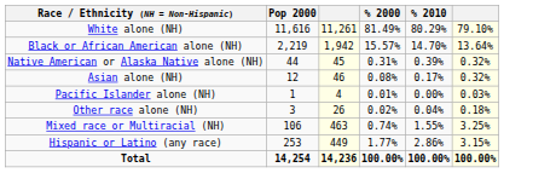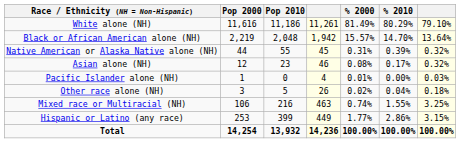 <table class="wikitable" style="text-align:center;">
 <tr>
 <th>Race / Ethnicity <small>(<em>NH = Non-Hispanic</em>)</small></th>
 <th>Pop 2000</th>
+<th>Pop 2010</th>
 <th></th>
 <th>% 2000</th>
 <th>% 2010</th>
 <th></th>
 </tr>
 <tr>
 <td><a href='#'>White</a> alone (NH)</td>
 <td>11,616</td>
+<td>11,186</td>
 <td style='background: #ffffe6;'>11,261</td>
 <td>81.49%</td>
 <td>80.29%</td>
 <td style='background: #ffffe6;'>79.10%</td>
 </tr>
 <tr>
 <td><a href='#'>Black or African American</a> alone (NH)</td>
 <td>2,219</td>
+<td>2,048</td>
 <td style='background: #ffffe6;'>1,942</td>
 <td>15.57%</td>
 <td>14.70%</td>
 <td style='background: #ffffe6;'>13.64%</td>
 </tr>
 <tr>
 <td><a href='#'>Native American</a> or <a href='#'>Alaska Native</a> alone (NH)</td>
 <td>44</td>
+<td>55</td>
 <td style='background: #ffffe6;'>45</td>
 <td>0.31%</td>
 <td>0.39%</td>
 <td style='background: #ffffe6;'>0.32%</td>
 </tr>
 <tr>
 <td><a href='#'>Asian</a> alone (NH)</td>
 <td>12</td>
+<td>23</td>
 <td style='background: #ffffe6;'>46</td>
 <td>0.08%</td>
 <td>0.17%</td>
 <td style='background: #ffffe6;'>0.32%</td>
 </tr>
 <tr>
 <td><a href='#'>Pacific Islander</a> alone (NH)</td>
 <td>1</td>
+<td>0</td>
 <td style='background: #ffffe6;'>4</td>
 <td>0.01%</td>
 <td>0.00%</td>
 <td style='background: #ffffe6;'>0.03%</td>
 </tr>
 <tr>
 <td><a href='#'>Other race</a> alone (NH)</td>
 <td>3</td>
+<td>5</td>
 <td style='background: #ffffe6;'>26</td>
 <td>0.02%</td>
 <td>0.04%</td>
 <td style='background: #ffffe6;'>0.18%</td>
 </tr>
 <tr>
 <td><a href='#'>Mixed race or Multiracial</a> (NH)</td>
 <td>106</td>
+<td>216</td>
 <td style='background: #ffffe6;'>463</td>
 <td>0.74%</td>
 <td>1.55%</td>
 <td style='background: #ffffe6;'>3.25%</td>
 </tr>
 <tr>
 <td><a href='#'>Hispanic or Latino</a> (any race)</td>
 <td>253</td>
+<td>399</td>
 <td style='background: #ffffe6;'>449</td>
 <td>1.77%</td>
 <td>2.86%</td>
 <td style='background: #ffffe6;'>3.15%</td>
 </tr>
 <tr>
 <td><strong>Total</strong></td>
 <td><strong>14,254</strong></td>
+<td><strong>13,932</strong></td>
 <td style='background: #ffffe6;'><strong>14,236</strong></td>
 <td><strong>100.00%</strong></td>
 <td><strong>100.00%</strong></td>
 <td style='background: #ffffe6;'><strong>100.00%</strong></td>
 </tr>
 </table>
